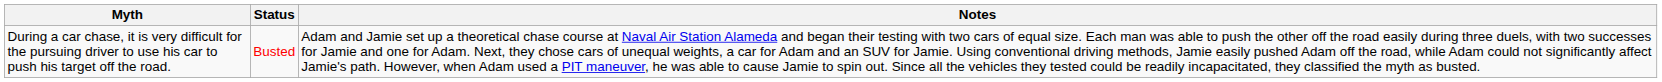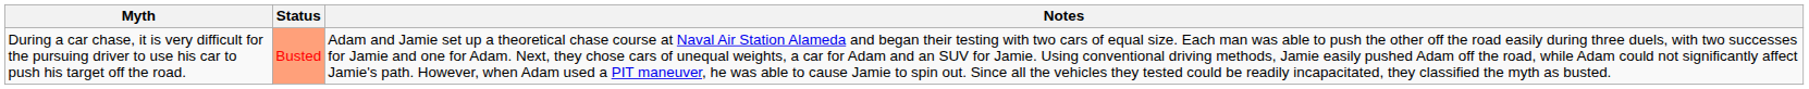 <table class="wikitable plainrowheaders">
 <tr>
 <th scope"col">Myth</th>
 <th scope"col">Status</th>
 <th scope"col">Notes</th>
 </tr>
 <tr>
 <td scope"row">During a car chase, it is very difficult for the pursuing driver to use his car to push his target off the road.</td>
-<td style="color:red">Busted</td>
+<td style="background: lightsalmon; color:red">Busted</td>
 <td>Adam and Jamie set up a theoretical chase course at <a href='#'>Naval Air Station Alameda</a> and began their testing with two cars of equal size. Each man was able to push the other off the road easily during three duels, with two successes for Jamie and one for Adam. Next, they chose cars of unequal weights, a  car for Adam and an  SUV for Jamie. Using conventional driving methods, Jamie easily pushed Adam off the road, while Adam could not significantly affect Jamie's path. However, when Adam used a <a href='#'>PIT maneuver</a>, he was able to cause Jamie to spin out. Since all the vehicles they tested could be readily incapacitated, they classified the myth as busted.</td>
 </tr>
 </table>
